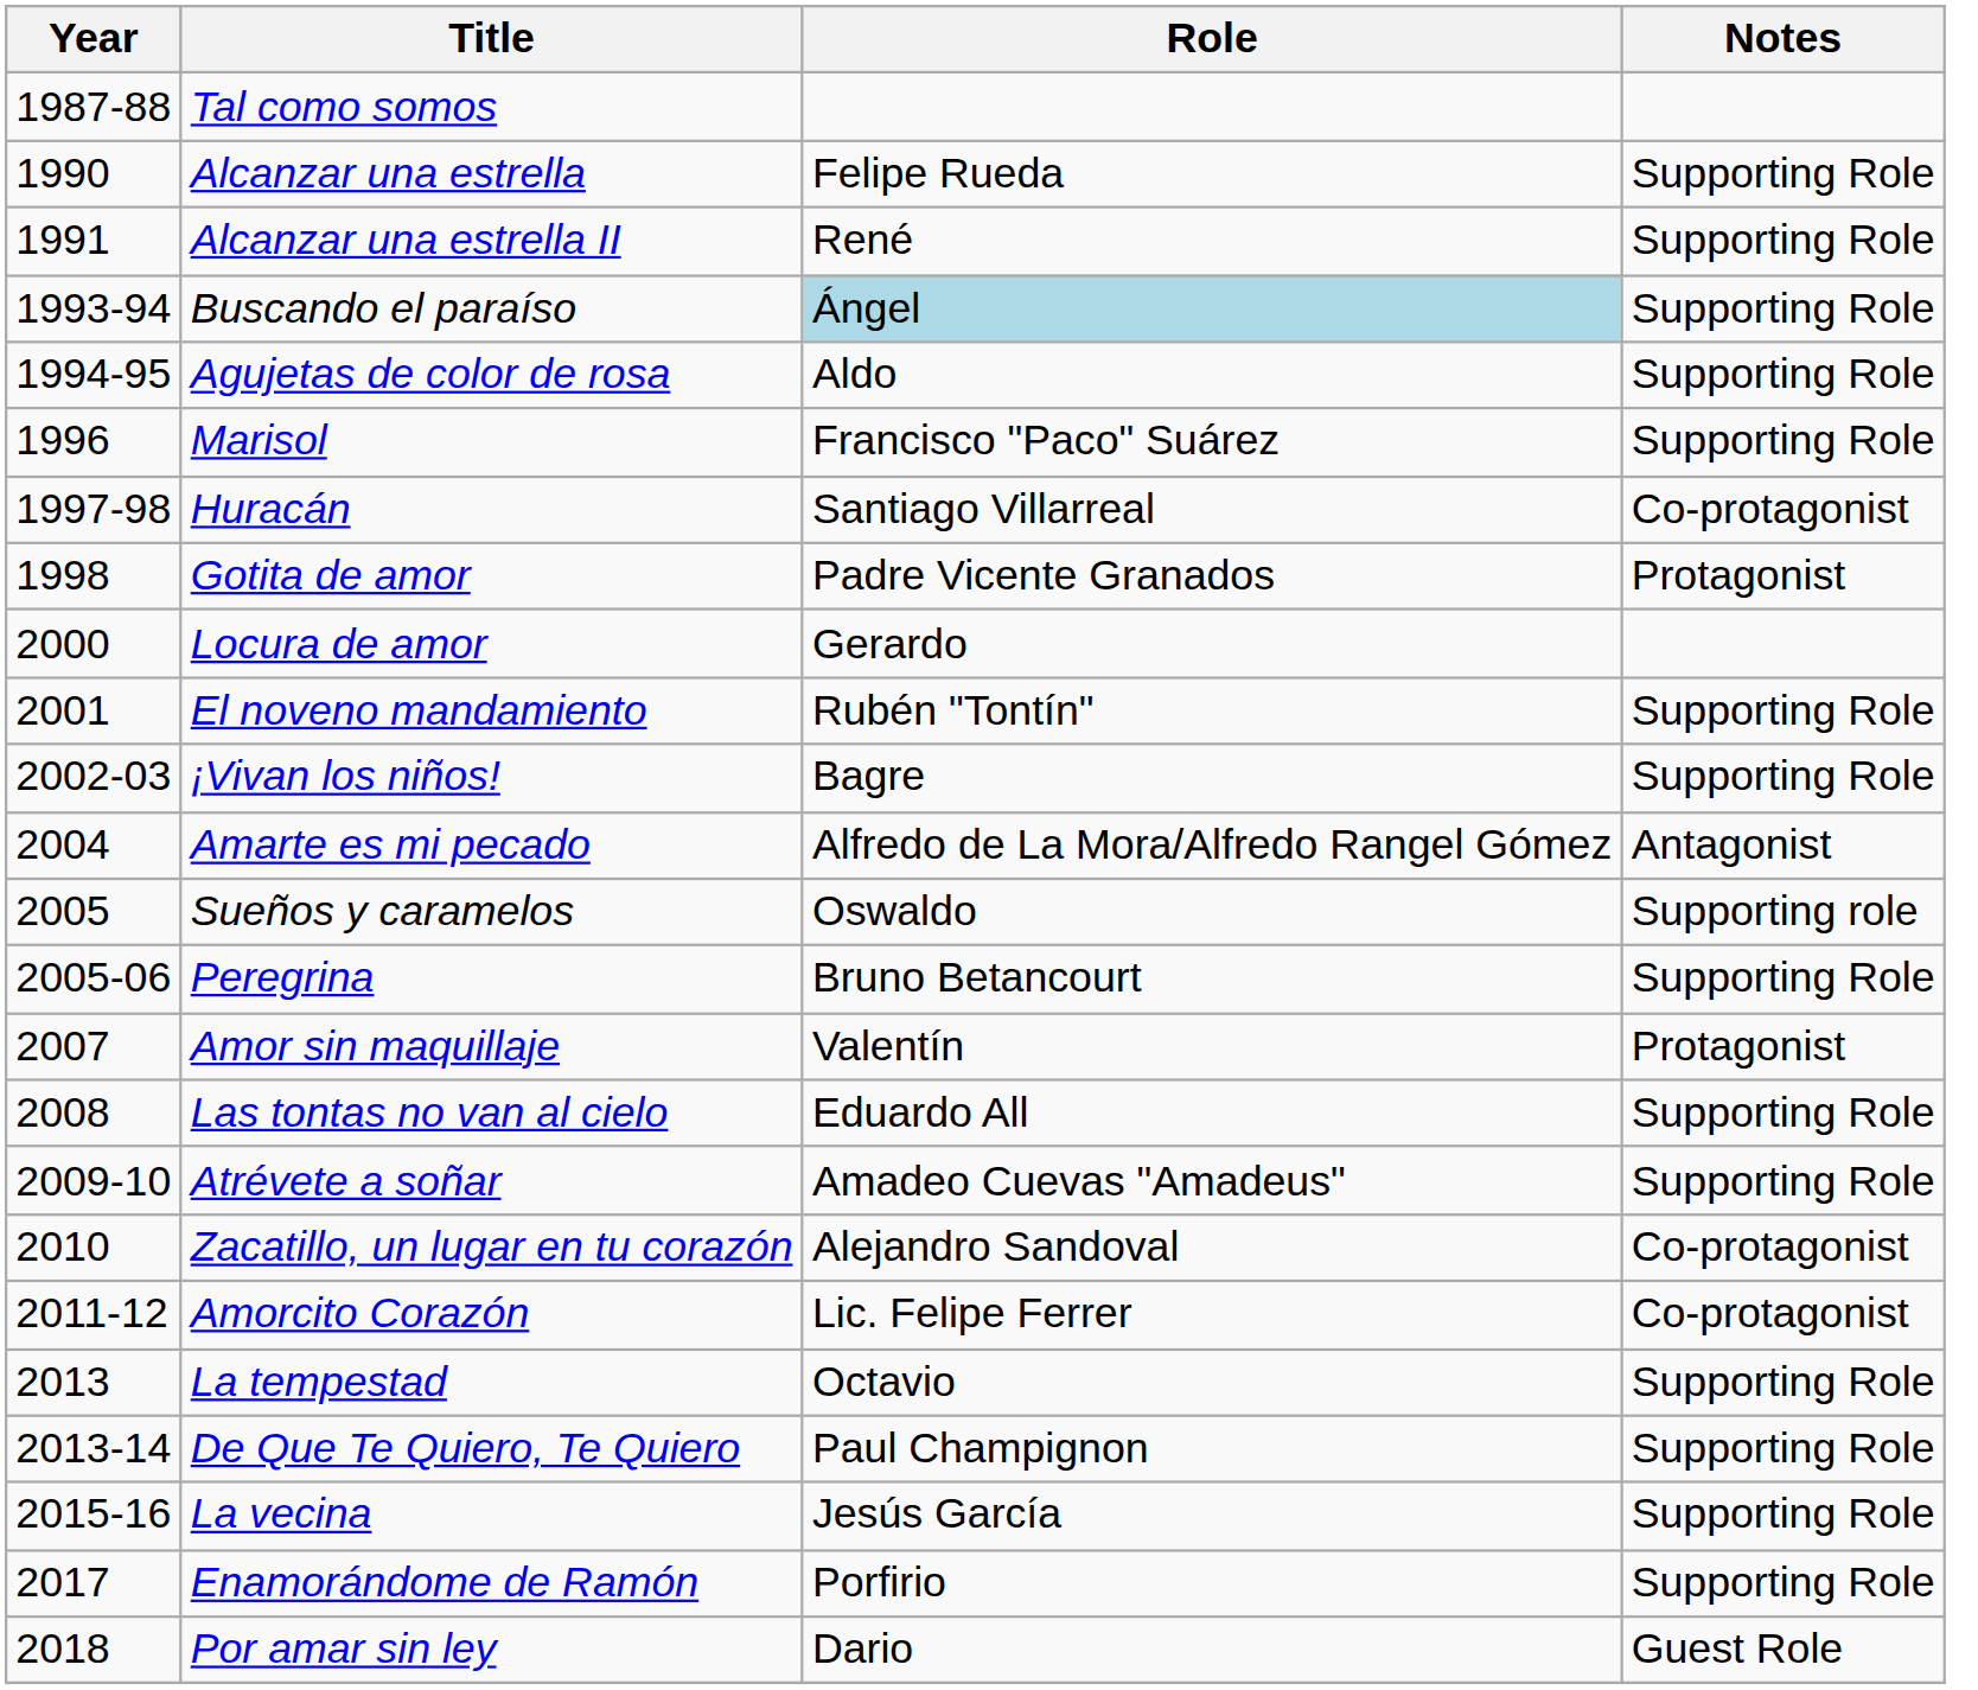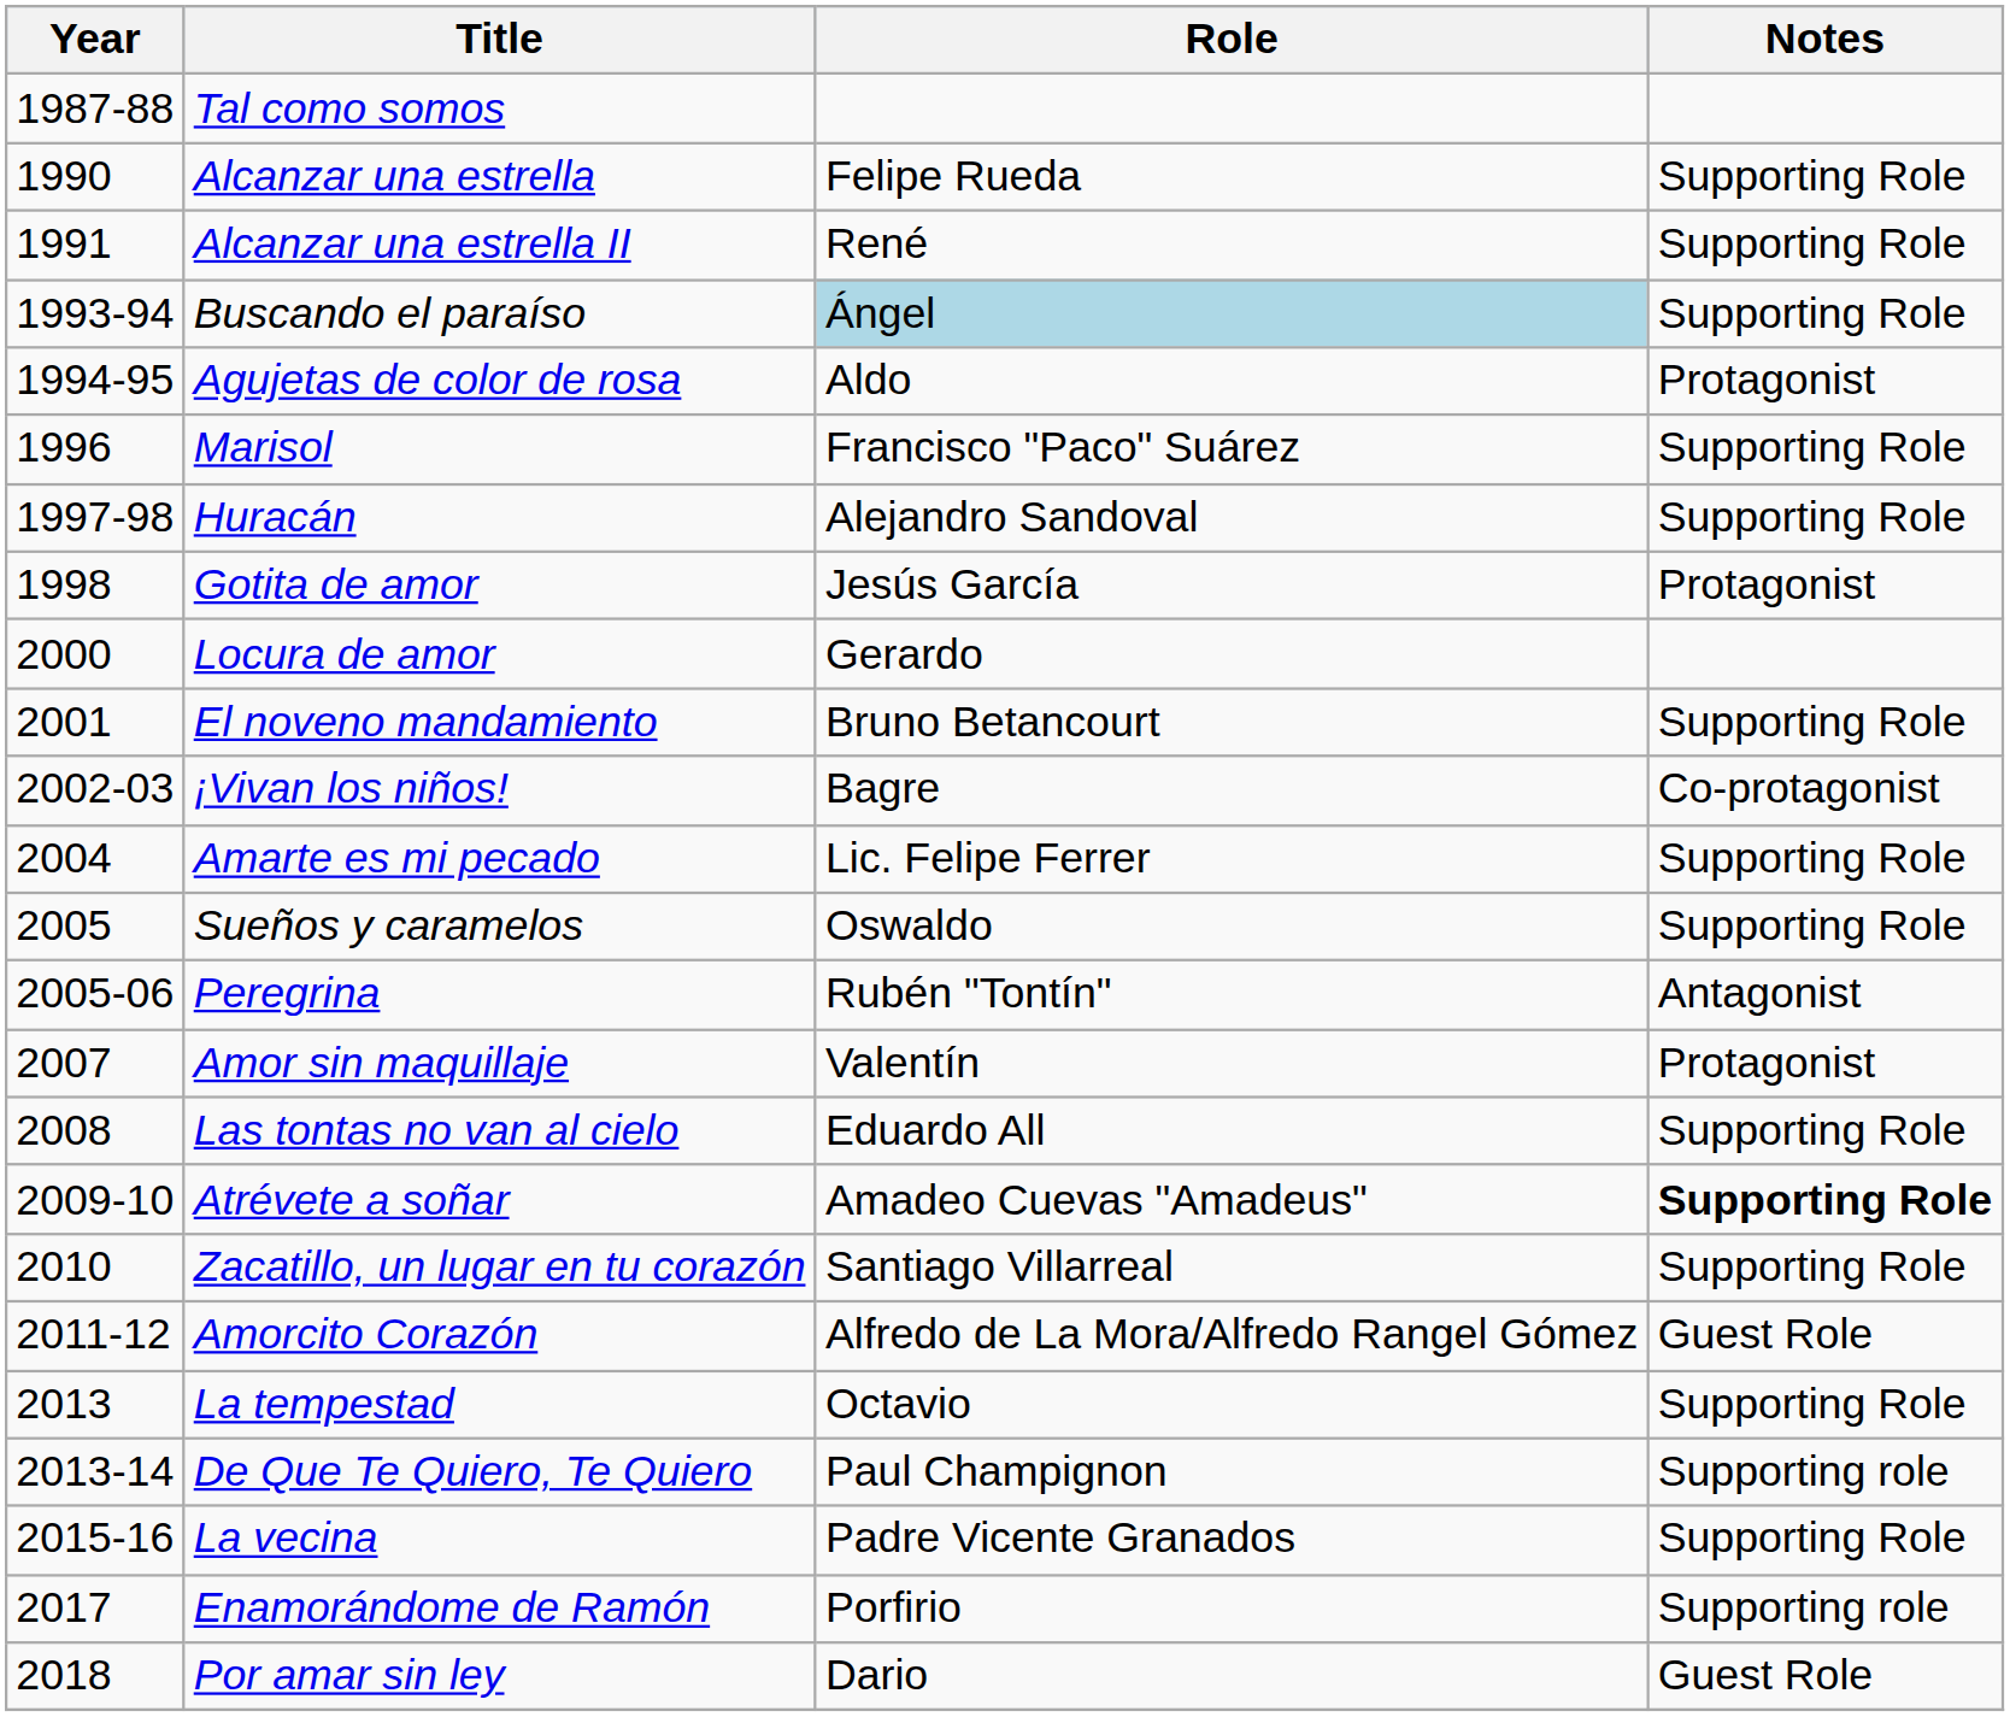 <table class="wikitable sortable">
 <tr style="background:#b0c4de;">
 <th>Year</th>
 <th>Title</th>
 <th>Role</th>
 <th>Notes</th>
 </tr>
 <tr>
 <td>1987-88</td>
 <td><em><a href='#'>Tal como somos</a></em></td>
 <td></td>
 <td></td>
 </tr>
 <tr>
 <td>1990</td>
 <td><em><a href='#'>Alcanzar una estrella</a></em></td>
 <td>Felipe Rueda</td>
 <td>Supporting Role</td>
 </tr>
 <tr>
 <td>1991</td>
 <td><em><a href='#'>Alcanzar una estrella II</a></em></td>
 <td>René</td>
 <td>Supporting Role</td>
 </tr>
 <tr>
 <td>1993-94</td>
 <td><em>Buscando el paraíso</em></td>
 <td style="background: lightblue;">Ángel</td>
 <td>Supporting Role</td>
 </tr>
 <tr>
 <td>1994-95</td>
 <td><em><a href='#'>Agujetas de color de rosa </a></em></td>
 <td>Aldo</td>
-<td>Supporting Role</td>
+<td>Protagonist</td>
 </tr>
 <tr>
 <td>1996</td>
 <td><em><a href='#'>Marisol</a></em></td>
 <td>Francisco "Paco" Suárez</td>
 <td>Supporting Role</td>
 </tr>
 <tr>
 <td>1997-98</td>
 <td><em><a href='#'>Huracán</a> </em></td>
-<td>Santiago Villarreal</td>
-<td>Co-protagonist</td>
+<td>Alejandro Sandoval</td>
+<td>Supporting Role</td>
 </tr>
 <tr>
 <td>1998</td>
 <td><em><a href='#'>Gotita de amor</a></em></td>
-<td>Padre Vicente Granados</td>
+<td>Jesús García</td>
 <td>Protagonist</td>
 </tr>
 <tr>
 <td>2000</td>
 <td><em><a href='#'>Locura de amor</a></em></td>
 <td>Gerardo</td>
 <td></td>
 </tr>
 <tr>
 <td>2001</td>
 <td><em><a href='#'>El noveno mandamiento</a></em></td>
-<td>Rubén "Tontín"</td>
+<td>Bruno Betancourt</td>
 <td>Supporting Role</td>
 </tr>
 <tr>
 <td>2002-03</td>
 <td><em><a href='#'>¡Vivan los niños! </a></em></td>
 <td>Bagre</td>
-<td>Supporting Role</td>
+<td>Co-protagonist</td>
 </tr>
 <tr>
 <td>2004</td>
 <td><em> <a href='#'>Amarte es mi pecado</a></em></td>
-<td>Alfredo de La Mora/Alfredo Rangel Gómez</td>
-<td>Antagonist</td>
+<td>Lic. Felipe Ferrer</td>
+<td>Supporting Role</td>
 </tr>
 <tr>
 <td>2005</td>
 <td><em>Sueños y caramelos</em></td>
 <td>Oswaldo</td>
-<td>Supporting role</td>
+<td>Supporting Role</td>
 </tr>
 <tr>
 <td>2005-06</td>
 <td><em> <a href='#'>Peregrina</a> </em></td>
-<td>Bruno Betancourt</td>
-<td>Supporting Role</td>
+<td>Rubén "Tontín"</td>
+<td>Antagonist</td>
 </tr>
 <tr>
 <td>2007</td>
 <td><em> <a href='#'>Amor sin maquillaje</a></em></td>
 <td>Valentín</td>
 <td>Protagonist</td>
 </tr>
 <tr>
 <td>2008</td>
 <td><em> <a href='#'>Las tontas no van al cielo </a></em></td>
 <td>Eduardo All</td>
 <td>Supporting Role</td>
 </tr>
 <tr>
 <td>2009-10</td>
 <td><em> <a href='#'>Atrévete a soñar</a></em></td>
 <td>Amadeo Cuevas "Amadeus"</td>
-<td>Supporting Role</td>
+<td><strong>Supporting Role</strong></td>
 </tr>
 <tr>
 <td>2010</td>
 <td><em> <a href='#'>Zacatillo, un lugar en tu corazón</a></em></td>
-<td>Alejandro Sandoval</td>
-<td>Co-protagonist</td>
+<td>Santiago Villarreal</td>
+<td>Supporting Role</td>
 </tr>
 <tr>
 <td>2011-12</td>
 <td><em><a href='#'>Amorcito Corazón</a></em></td>
-<td>Lic. Felipe Ferrer</td>
-<td>Co-protagonist</td>
+<td>Alfredo de La Mora/Alfredo Rangel Gómez</td>
+<td>Guest Role</td>
 </tr>
 <tr>
 <td>2013</td>
 <td><em><a href='#'>La tempestad</a></em></td>
 <td>Octavio</td>
 <td>Supporting Role</td>
 </tr>
 <tr>
 <td>2013-14</td>
 <td><em><a href='#'>De Que Te Quiero, Te Quiero</a></em></td>
 <td>Paul Champignon</td>
-<td>Supporting Role</td>
+<td>Supporting role</td>
 </tr>
 <tr>
 <td>2015-16</td>
 <td><em><a href='#'>La vecina</a></em></td>
-<td>Jesús García</td>
+<td>Padre Vicente Granados</td>
 <td>Supporting Role</td>
 </tr>
 <tr>
 <td>2017</td>
 <td><em><a href='#'>Enamorándome de Ramón</a></em></td>
 <td>Porfirio</td>
-<td>Supporting Role</td>
+<td>Supporting role</td>
 </tr>
 <tr>
 <td>2018</td>
 <td><em><a href='#'>Por amar sin ley</a></em></td>
 <td>Dario</td>
 <td>Guest Role</td>
 </tr>
 <tr>
 </tr>
 </table>
